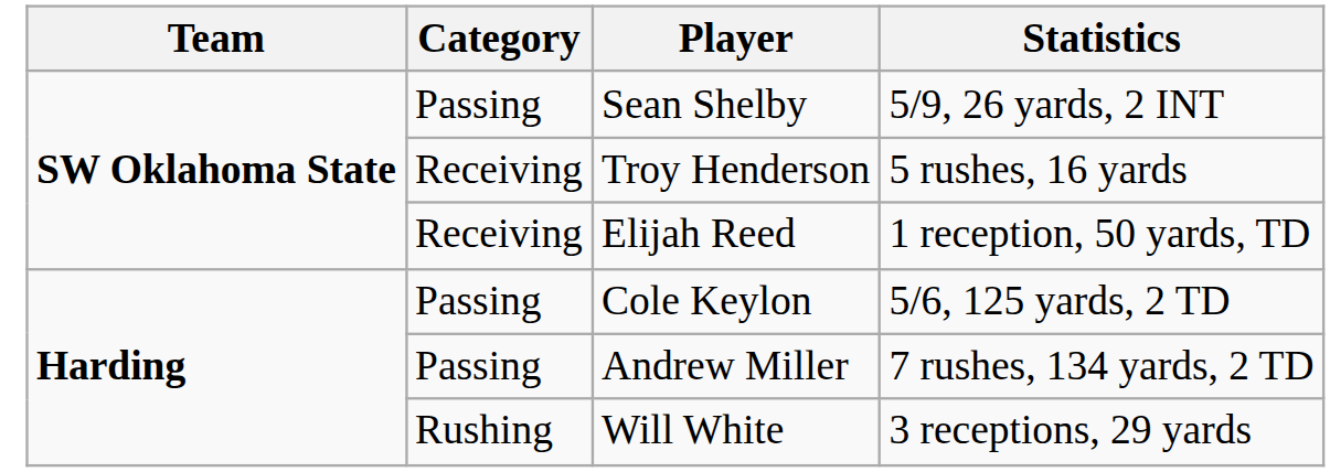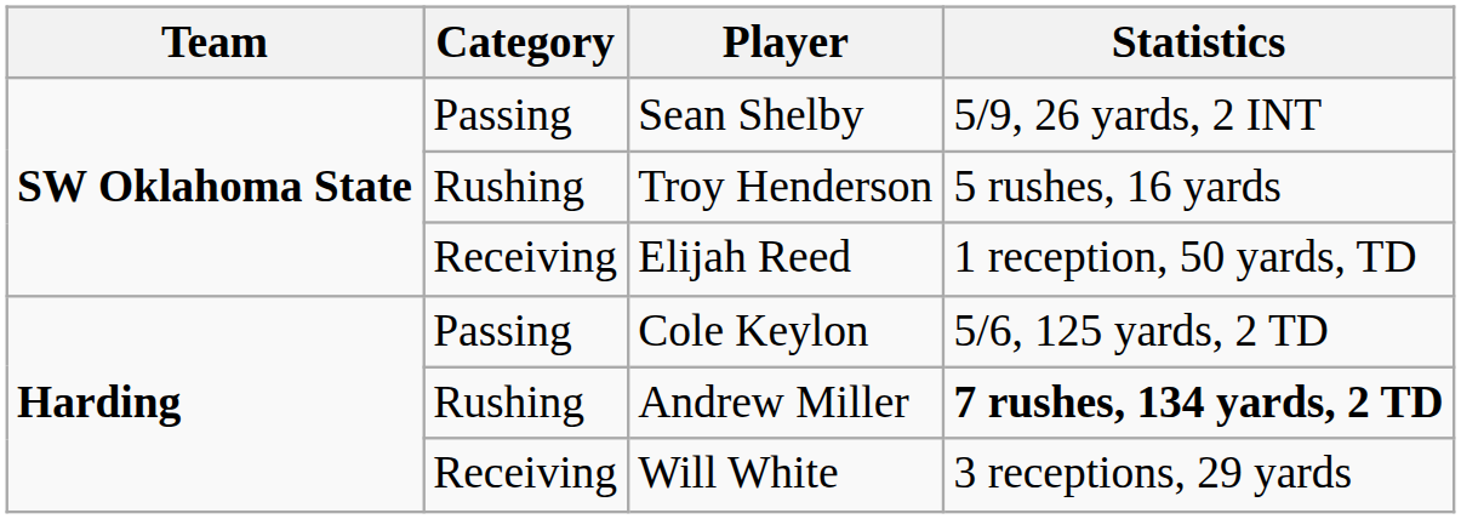 <table class="wikitable" style="float: right;">
 <tr>
 <th>Team</th>
 <th>Category</th>
 <th>Player</th>
 <th>Statistics</th>
 </tr>
 <tr>
 <td rowspan=3><strong>SW Oklahoma State</strong></td>
 <td>Passing</td>
 <td>Sean Shelby</td>
 <td>5/9, 26 yards, 2 INT</td>
 </tr>
 <tr>
-<td>Receiving</td>
+<td>Rushing</td>
 <td>Troy Henderson</td>
 <td>5 rushes, 16 yards</td>
 </tr>
 <tr>
 <td>Receiving</td>
 <td>Elijah Reed</td>
 <td>1 reception, 50 yards, TD</td>
 </tr>
 <tr>
 <td rowspan=3><strong>Harding</strong></td>
 <td>Passing</td>
 <td>Cole Keylon</td>
 <td>5/6, 125 yards, 2 TD</td>
 </tr>
 <tr>
-<td>Passing</td>
+<td>Rushing</td>
 <td>Andrew Miller</td>
-<td>7 rushes, 134 yards, 2 TD</td>
+<td><strong>7 rushes, 134 yards, 2 TD</strong></td>
 </tr>
 <tr>
-<td>Rushing</td>
+<td>Receiving</td>
 <td>Will White</td>
 <td>3 receptions, 29 yards</td>
 </tr>
 </table>
